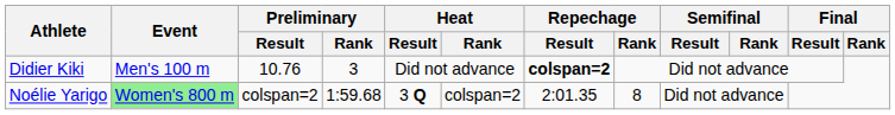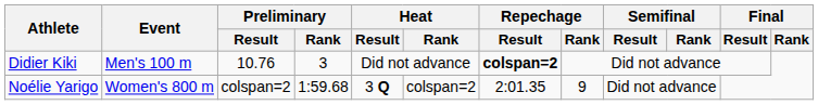 <table class="wikitable" style="font-size:90%">
 <tr>
 <th rowspan="2">Athlete</th>
 <th rowspan="2">Event</th>
 <th colspan="2">Preliminary</th>
 <th colspan="2">Heat</th>
 <th colspan="2">Repechage</th>
 <th colspan="2">Semifinal</th>
 <th colspan="2">Final</th>
 </tr>
 <tr style="font-size:95%">
 <th>Result</th>
 <th>Rank</th>
 <th>Result</th>
 <th>Rank</th>
 <th>Result</th>
 <th>Rank</th>
 <th>Result</th>
 <th>Rank</th>
 <th>Result</th>
 <th>Rank</th>
 </tr>
 <tr align=center>
 <td align=left><a href='#'>Didier Kiki</a></td>
 <td align=left><a href='#'>Men's 100 m</a></td>
 <td>10.76</td>
 <td>3</td>
 <td colspan=2>Did not advance</td>
 <td><strong>colspan=2 </strong></td>
 <td colspan=4>Did not advance</td>
 </tr>
 <tr align=center>
 <td align=left><a href='#'>Noélie Yarigo</a></td>
-<td align=left style="background: lightgreen;"><a href='#'>Women's 800 m</a></td>
+<td align=left><a href='#'>Women's 800 m</a></td>
 <td>colspan=2 </td>
 <td>1:59.68</td>
 <td>3 <strong>Q</strong></td>
 <td>colspan=2 </td>
 <td>2:01.35</td>
-<td>8</td>
+<td>9</td>
 <td colspan=2>Did not advance</td>
 </tr>
 </table>
